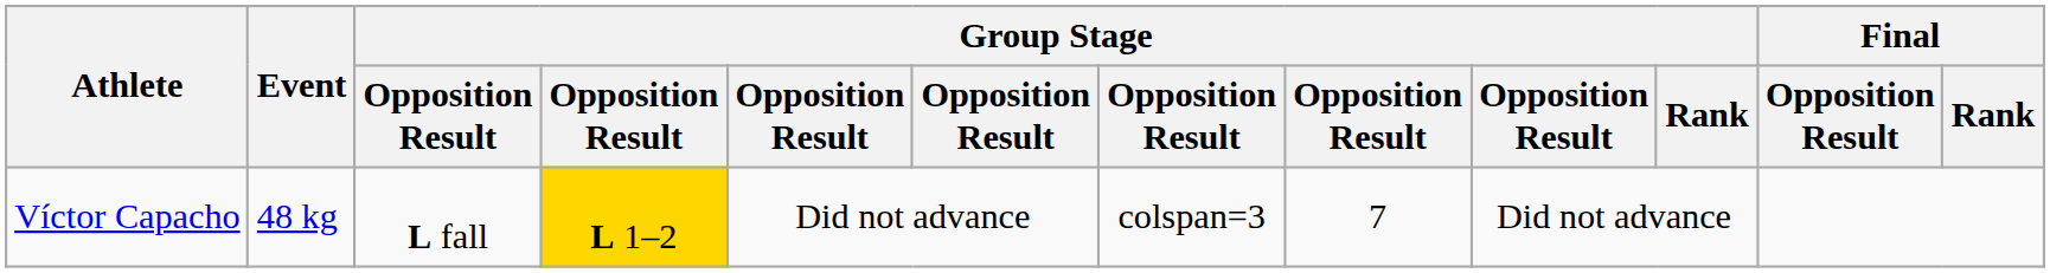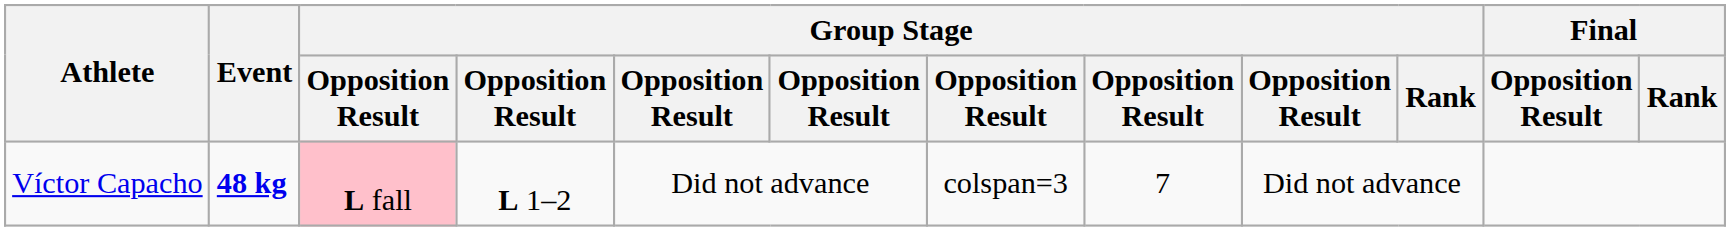 <table class=wikitable style="font-size:90%">
 <tr>
 <th rowspan="2">Athlete</th>
 <th rowspan="2">Event</th>
 <th colspan="8">Group Stage</th>
 <th colspan=2>Final</th>
 </tr>
 <tr>
 <th>Opposition<br>Result</th>
 <th>Opposition<br>Result</th>
 <th>Opposition<br>Result</th>
 <th>Opposition<br>Result</th>
 <th>Opposition<br>Result</th>
 <th>Opposition<br>Result</th>
 <th>Opposition<br>Result</th>
 <th>Rank</th>
 <th>Opposition<br>Result</th>
 <th>Rank</th>
 </tr>
 <tr align=center>
 <td align=left><a href='#'>Víctor Capacho</a></td>
-<td align=left><a href='#'>48 kg</a></td>
-<td><br><strong>L</strong> fall</td>
-<td style="background: gold;"><br><strong>L</strong> 1–2</td>
+<td align=left><strong><a href='#'>48 kg</a></strong></td>
+<td style="background: pink;"><br><strong>L</strong> fall</td>
+<td><br><strong>L</strong> 1–2</td>
 <td colspan=2>Did not advance</td>
 <td>colspan=3</td>
 <td>7</td>
 <td colspan=2>Did not advance</td>
 </tr>
 </table>
